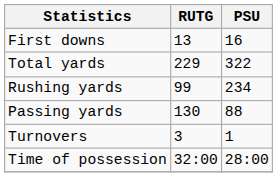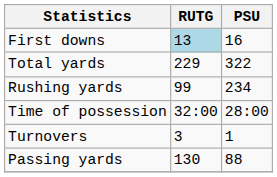 <table class="wikitable">
 <tr>
 <th>Statistics</th>
 <th>RUTG</th>
 <th>PSU</th>
 </tr>
 <tr>
 <td>First downs</td>
-<td>13</td>
+<td style="background: lightblue;">13</td>
 <td>16</td>
 </tr>
 <tr>
 <td>Total yards</td>
 <td>229</td>
 <td>322</td>
 </tr>
 <tr>
 <td>Rushing yards</td>
 <td>99</td>
 <td>234</td>
 </tr>
 <tr>
-<td>Passing yards</td>
-<td>130</td>
-<td>88</td>
+<td>Time of possession</td>
+<td>32:00</td>
+<td>28:00</td>
 </tr>
 <tr>
 <td>Turnovers</td>
 <td>3</td>
 <td>1</td>
 </tr>
 <tr>
-<td>Time of possession</td>
-<td>32:00</td>
-<td>28:00</td>
+<td>Passing yards</td>
+<td>130</td>
+<td>88</td>
 </tr>
 <tr>
 </tr>
 </table>
